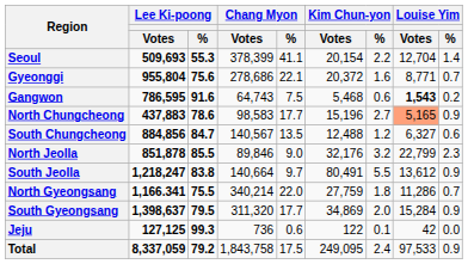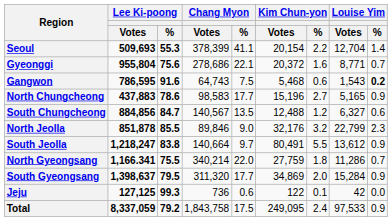 <table class="wikitable unsortable" style="text-align:center; font-size: 0.9em;">
 <tr>
 <th rowspan="3">Region</th>
 <th colspan="2"><a href='#'>Lee Ki-poong</a></th>
 <th colspan="2"><a href='#'>Chang Myon</a></th>
 <th colspan="2"><a href='#'>Kim Chun-yon</a></th>
 <th colspan="2"><a href='#'>Louise Yim</a></th>
 </tr>
 <tr>
 <th colspan="2" style="background:"></th>
 <th colspan="2" style="background:"></th>
 <th colspan="2" style="background:"></th>
 <th colspan="2" style="background:"></th>
 </tr>
 <tr>
 <th>Votes</th>
 <th>%</th>
 <th>Votes</th>
 <th>%</th>
 <th>Votes</th>
 <th>%</th>
 <th>Votes</th>
 <th>%</th>
 </tr>
 <tr>
 <th style="text-align: left;"><a href='#'>Seoul</a></th>
 <td align="right"><strong>509,693</strong></td>
 <td align="right"><strong>55.3</strong></td>
 <td align="right">378,399</td>
 <td align="right">41.1</td>
 <td align="right">20,154</td>
 <td align="right">2.2</td>
 <td align="right">12,704</td>
 <td align="right">1.4</td>
 </tr>
 <tr>
 <th style="text-align: left;"><a href='#'>Gyeonggi</a></th>
 <td align="right"><strong>955,804</strong></td>
 <td align="right"><strong>75.6</strong></td>
 <td align="right">278,686</td>
 <td align="right">22.1</td>
 <td align="right">20,372</td>
 <td align="right">1.6</td>
 <td align="right">8,771</td>
 <td align="right">0.7</td>
 </tr>
 <tr>
 <th style="text-align: left;"><a href='#'>Gangwon</a></th>
 <td align="right"><strong>786,595</strong></td>
 <td align="right"><strong>91.6</strong></td>
 <td align="right">64,743</td>
 <td align="right">7.5</td>
 <td align="right">5,468</td>
 <td align="right">0.6</td>
-<td align="right"><strong>1,543</strong></td>
-<td align="right">0.2</td>
+<td align="right">1,543</td>
+<td align="right"><strong>0.2</strong></td>
 </tr>
 <tr>
 <th style="text-align: left;"><a href='#'>North Chungcheong</a></th>
 <td align="right"><strong>437,883</strong></td>
 <td align="right"><strong>78.6</strong></td>
 <td align="right">98,583</td>
 <td align="right">17.7</td>
 <td align="right">15,196</td>
 <td align="right">2.7</td>
-<td align="right" style="background: lightsalmon;">5,165</td>
+<td align="right">5,165</td>
 <td align="right">0.9</td>
 </tr>
 <tr>
 <th style="text-align: left;"><a href='#'>South Chungcheong</a></th>
 <td align="right"><strong>884,856</strong></td>
 <td align="right"><strong>84.7</strong></td>
 <td align="right">140,567</td>
 <td align="right">13.5</td>
 <td align="right">12,488</td>
 <td align="right">1.2</td>
 <td align="right">6,327</td>
 <td align="right">0.6</td>
 </tr>
 <tr>
 <th style="text-align: left;"><a href='#'>North Jeolla</a></th>
 <td align="right"><strong>851,878</strong></td>
 <td align="right"><strong>85.5</strong></td>
 <td align="right">89,846</td>
 <td align="right">9.0</td>
 <td align="right">32,176</td>
 <td align="right">3.2</td>
 <td align="right">22,799</td>
 <td align="right">2.3</td>
 </tr>
 <tr>
 <th style="text-align: left;"><a href='#'>South Jeolla</a></th>
 <td align="right"><strong>1,218,247</strong></td>
 <td align="right"><strong>83.8</strong></td>
 <td align="right">140,664</td>
 <td align="right">9.7</td>
 <td align="right">80,491</td>
 <td align="right">5.5</td>
 <td align="right">13,612</td>
 <td align="right">0.9</td>
 </tr>
 <tr>
 <th style="text-align: left;"><a href='#'>North Gyeongsang</a></th>
 <td align="right"><strong>1,166.341</strong></td>
 <td align="right"><strong>75.5</strong></td>
 <td align="right">340,214</td>
 <td align="right">22.0</td>
 <td align="right">27,759</td>
 <td align="right">1.8</td>
 <td align="right">11,286</td>
 <td align="right">0.7</td>
 </tr>
 <tr>
 <th style="text-align: left;"><a href='#'>South Gyeongsang</a></th>
 <td align="right"><strong>1,398,637</strong></td>
 <td align="right"><strong>79.5</strong></td>
 <td align="right">311,320</td>
 <td align="right">17.7</td>
 <td align="right">34,869</td>
 <td align="right">2.0</td>
 <td align="right">15,284</td>
 <td align="right">0.9</td>
 </tr>
 <tr>
 <th style="text-align: left;"><a href='#'>Jeju</a></th>
 <td align="right"><strong>127,125</strong></td>
 <td align="right"><strong>99.3</strong></td>
 <td align="right">736</td>
 <td align="right">0.6</td>
 <td align="right">122</td>
 <td align="right">0.1</td>
 <td align="right">42</td>
 <td align="right">0.0</td>
 </tr>
 <tr class="sortbottom">
 <th style="text-align: left;">Total</th>
 <td align="right"><strong>8,337,059</strong></td>
 <td align="right"><strong>79.2</strong></td>
 <td align="right">1,843,758</td>
 <td align="right">17.5</td>
 <td align="right">249,095</td>
 <td align="right">2.4</td>
 <td align="right">97,533</td>
 <td align="right">0.9</td>
 </tr>
 </table>
